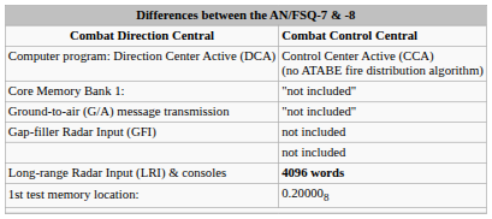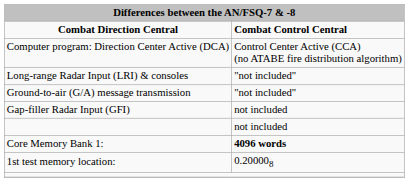 <table class="wikitable">
 <tr>
 <td colspan="2" bgcolor="silver" align=center><strong>Differences between the AN/FSQ-7 & -8</strong></td>
 </tr>
 <tr>
 <td align=center><strong>Combat Direction Central</strong></td>
 <td><strong>Combat Control Central</strong></td>
 </tr>
 <tr>
 <td>Computer program: Direction Center Active (DCA)<br> </td>
 <td>Control Center Active (CCA)<br>(no ATABE fire distribution algorithm)</td>
 </tr>
 <tr>
-<td>Core Memory Bank 1:              </td>
+<td>Long-range Radar Input (LRI) & consoles</td>
 <td>"not included"</td>
 </tr>
 <tr>
 <td>Ground-to-air (G/A) message transmission</td>
 <td>"not included"</td>
 </tr>
 <tr>
 <td>Gap-filler Radar Input (GFI)</td>
 <td>not included</td>
 </tr>
 <tr>
 <td></td>
 <td>not included</td>
 </tr>
 <tr>
-<td>Long-range Radar Input (LRI) & consoles</td>
+<td>Core Memory Bank 1:              </td>
 <td><strong>4096 words</strong></td>
 </tr>
 <tr>
 <td>1st test memory location: </td>
 <td>0.20000<sub>8</sub></td>
 </tr>
 <tr>
 <td colspan=2></td>
 </tr>
 <tr>
 </tr>
 </table>
